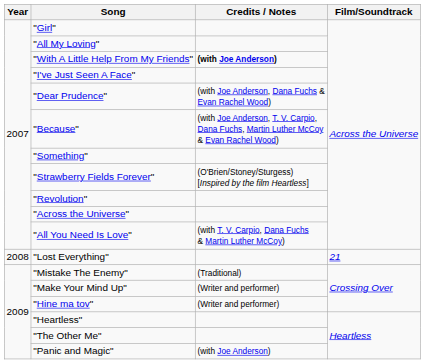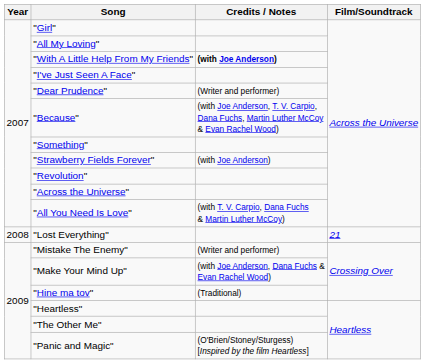 <table class="wikitable sortable">
 <tr>
 <th>Year</th>
 <th>Song</th>
 <th>Credits / Notes</th>
 <th>Film/Soundtrack</th>
 </tr>
 <tr>
 <td rowspan="11">2007</td>
 <td>"<a href='#'>Girl</a>"</td>
 <td></td>
 <td rowspan="11"><em><a href='#'>Across the Universe</a></em></td>
 </tr>
 <tr>
 <td>"<a href='#'>All My Loving</a>"</td>
 <td></td>
 </tr>
 <tr>
 <td>"<a href='#'>With A Little Help From My Friends</a>"</td>
 <td><strong><small>(with <a href='#'>Joe Anderson</a>)</small></strong></td>
 </tr>
 <tr>
 <td>"<a href='#'>I've Just Seen A Face</a>"</td>
 <td></td>
 </tr>
 <tr>
 <td>"<a href='#'>Dear Prudence</a>"</td>
-<td><small>(with <a href='#'>Joe Anderson</a>, <a href='#'>Dana Fuchs</a> & <br><a href='#'>Evan Rachel Wood</a>)</small></td>
+<td><small>(Writer and performer)</small></td>
 </tr>
 <tr>
 <td>"<a href='#'>Because</a>"</td>
 <td><small>(with <a href='#'>Joe Anderson</a>, <a href='#'>T. V. Carpio</a>, <br><a href='#'>Dana Fuchs</a>, <a href='#'>Martin Luther McCoy</a> <br>& <a href='#'>Evan Rachel Wood</a>)</small></td>
 </tr>
 <tr>
 <td>"<a href='#'>Something</a>"</td>
 <td></td>
 </tr>
 <tr>
 <td>"<a href='#'>Strawberry Fields Forever</a>"</td>
-<td><small>(O'Brien/Stoney/Sturgess)</small> <br><small>[<em>Inspired by the film Heartless</em>]</small></td>
+<td><small>(with <a href='#'>Joe Anderson</a>)</small></td>
 </tr>
 <tr>
 <td>"<a href='#'>Revolution</a>"</td>
 <td></td>
 </tr>
 <tr>
 <td>"<a href='#'>Across the Universe</a>"</td>
 <td></td>
 </tr>
 <tr>
 <td>"<a href='#'>All You Need Is Love</a>"</td>
 <td><small>(with <a href='#'>T. V. Carpio</a>, <a href='#'>Dana Fuchs</a> <br>& <a href='#'>Martin Luther McCoy</a>)</small></td>
 </tr>
 <tr>
 <td>2008</td>
 <td>"Lost Everything"</td>
 <td></td>
 <td><em><a href='#'>21</a></em></td>
 </tr>
 <tr>
 <td rowspan="6">2009</td>
 <td>"Mistake The Enemy"</td>
-<td><small>(Traditional)</small></td>
+<td><small>(Writer and performer)</small></td>
 <td rowspan="3"><em><a href='#'>Crossing Over</a></em></td>
 </tr>
 <tr>
 <td>"Make Your Mind Up"</td>
-<td><small>(Writer and performer)</small></td>
+<td><small>(with <a href='#'>Joe Anderson</a>, <a href='#'>Dana Fuchs</a> & <br><a href='#'>Evan Rachel Wood</a>)</small></td>
 </tr>
 <tr>
 <td>"<a href='#'>Hine ma tov</a>"</td>
-<td><small>(Writer and performer)</small></td>
+<td><small>(Traditional)</small></td>
 </tr>
 <tr>
 <td>"Heartless"</td>
 <td></td>
 <td rowspan="3"><em><a href='#'>Heartless</a></em></td>
 </tr>
 <tr>
 <td>"The Other Me"</td>
 <td></td>
 </tr>
 <tr>
 <td>"Panic and Magic"</td>
-<td><small>(with <a href='#'>Joe Anderson</a>)</small></td>
+<td><small>(O'Brien/Stoney/Sturgess)</small> <br><small>[<em>Inspired by the film Heartless</em>]</small></td>
 </tr>
 </table>
